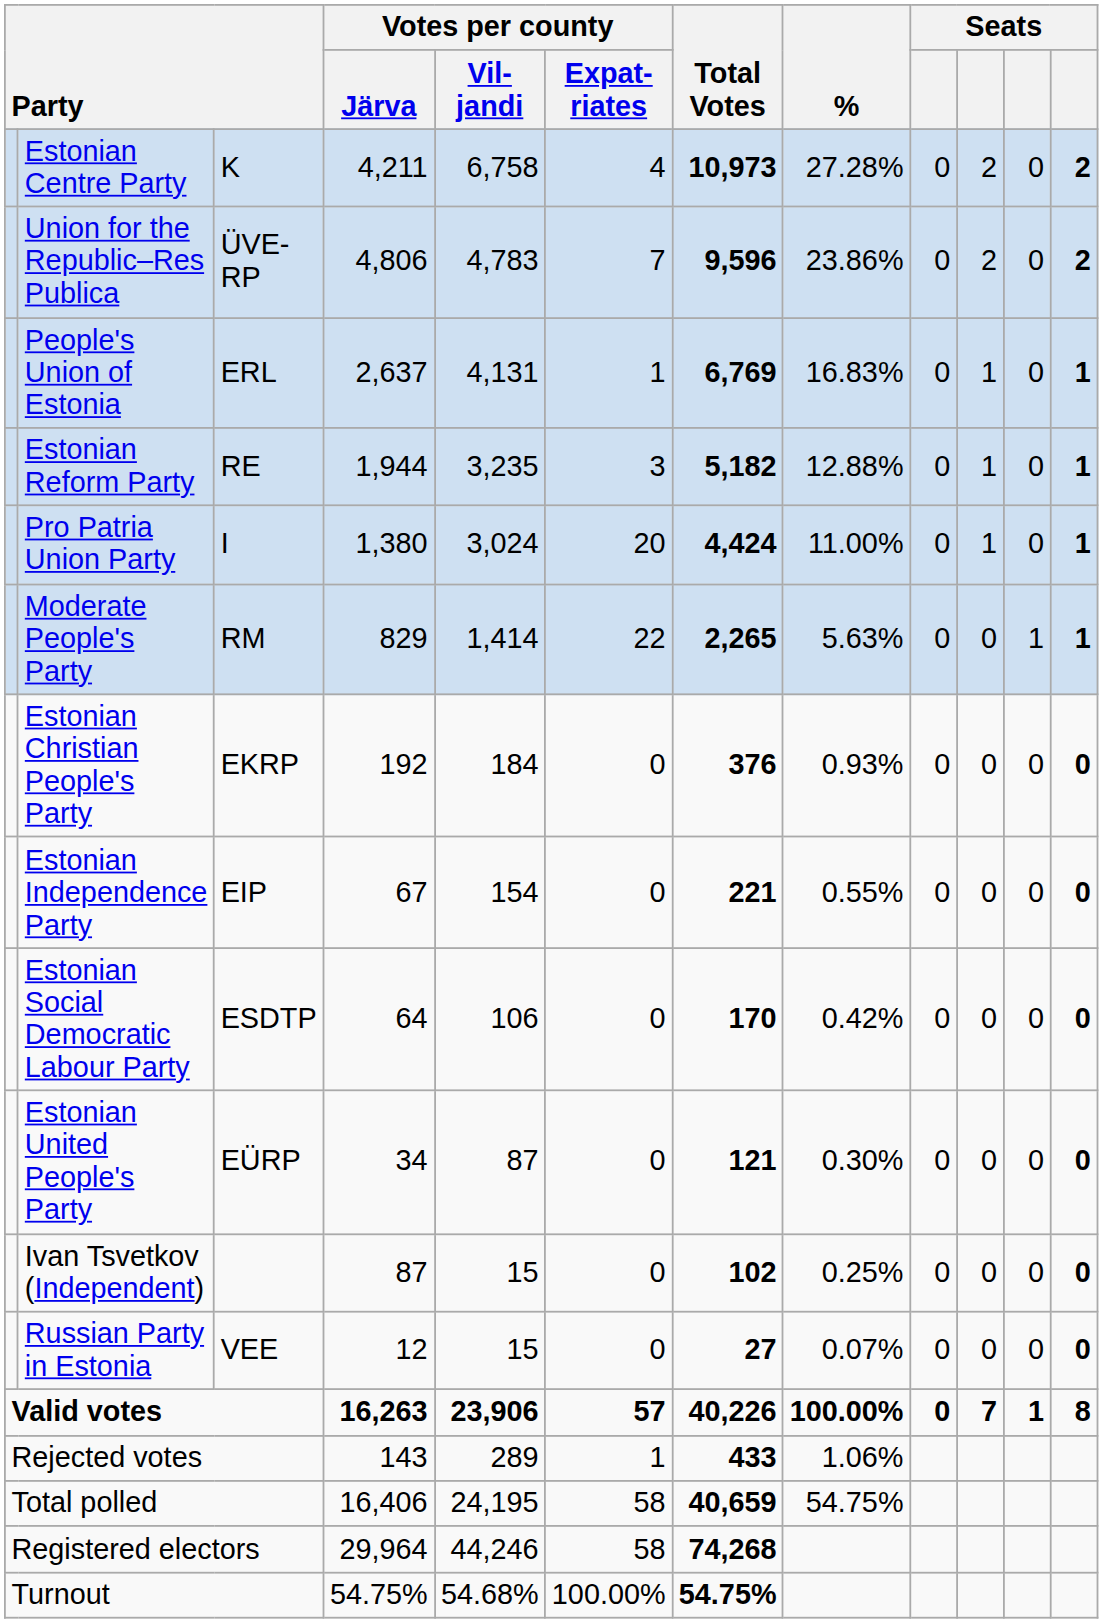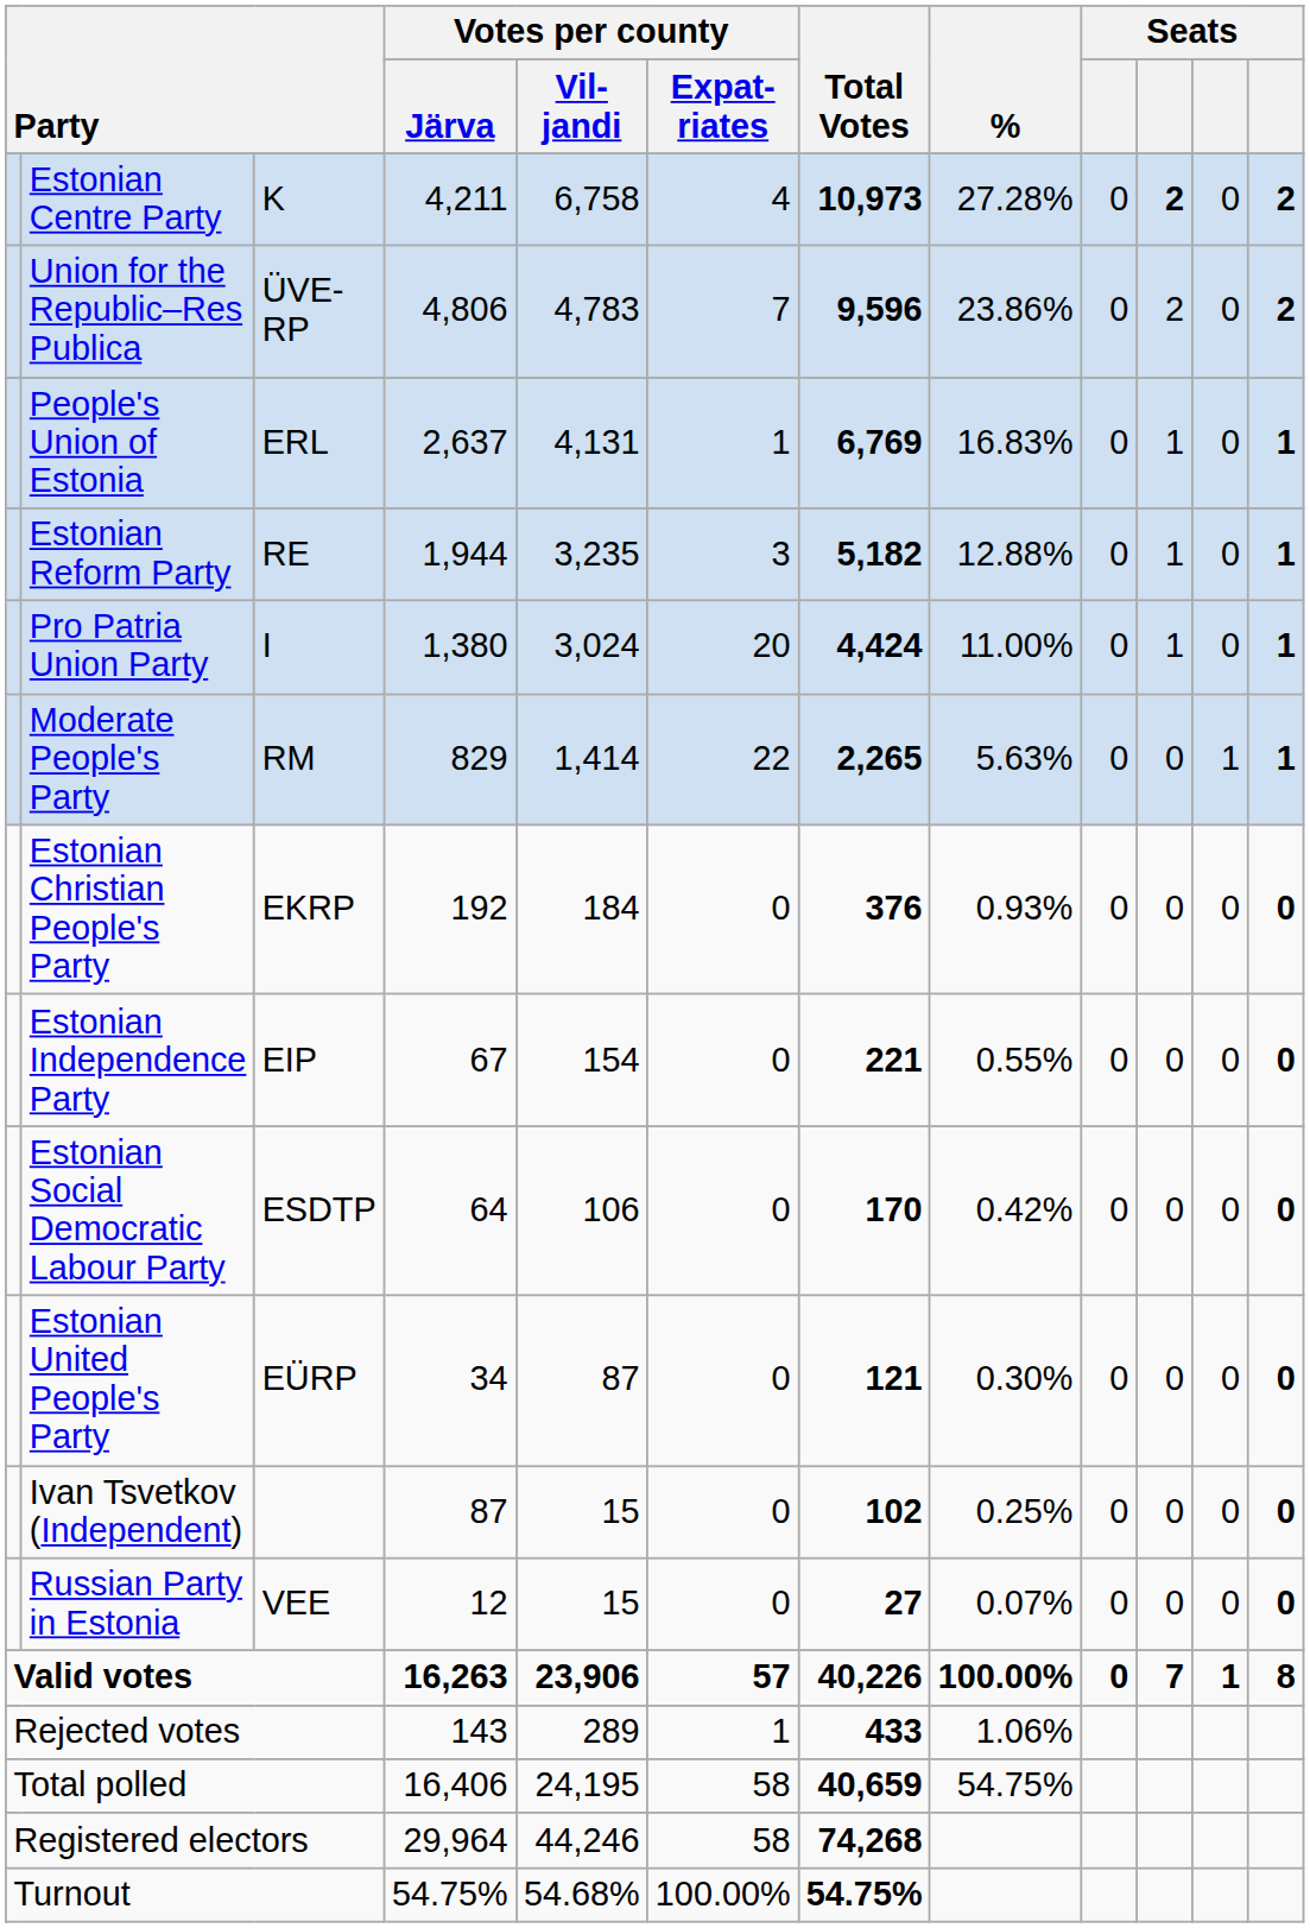 <table class="wikitable" border="1" style="text-align:right;">
 <tr>
 <th style="text-align:left;" valign=bottom rowspan=2 colspan=3>Party</th>
 <th colspan=3>Votes per county</th>
 <th align=center valign=bottom rowspan=2 width="50">Total Votes</th>
 <th align=center valign=bottom rowspan=2 width="50">%</th>
 <th colspan=4>Seats</th>
 </tr>
 <tr>
 <th align=center valign=bottom width="50"><a href='#'>Järva</a></th>
 <th align=center valign=bottom width="50"><a href='#'>Vil- jandi</a></th>
 <th align=center valign=bottom width="50"><a href='#'>Expat- riates</a></th>
 <th align=center valign=bottom width="20"><small></small></th>
 <th align=center valign=bottom width="20"><small></small></th>
 <th align=center valign=bottom width="20"><small></small></th>
 <th align=center valign=bottom width="20"><small></small></th>
 </tr>
 <tr style="background:#CEE0F2;">
 <td style="background:"></td>
 <td align=left><a href='#'>Estonian Centre Party</a></td>
 <td align=left>K</td>
 <td>4,211</td>
 <td>6,758</td>
 <td>4</td>
 <td><strong>10,973</strong></td>
 <td>27.28%</td>
 <td>0</td>
-<td>2</td>
+<td><strong>2</strong></td>
 <td>0</td>
 <td><strong>2</strong></td>
 </tr>
 <tr style="background:#CEE0F2;">
 <td style="background:"></td>
 <td align=left><a href='#'>Union for the Republic–Res Publica</a></td>
 <td align=left>ÜVE-RP</td>
 <td>4,806</td>
 <td>4,783</td>
 <td>7</td>
 <td><strong>9,596</strong></td>
 <td>23.86%</td>
 <td>0</td>
 <td>2</td>
 <td>0</td>
 <td><strong>2</strong></td>
 </tr>
 <tr style="background:#CEE0F2;">
 <td style="background:"></td>
 <td align=left><a href='#'>People's Union of Estonia</a></td>
 <td align=left>ERL</td>
 <td>2,637</td>
 <td>4,131</td>
 <td>1</td>
 <td><strong>6,769</strong></td>
 <td>16.83%</td>
 <td>0</td>
 <td>1</td>
 <td>0</td>
 <td><strong>1</strong></td>
 </tr>
 <tr style="background:#CEE0F2;">
 <td style="background:"></td>
 <td align=left><a href='#'>Estonian Reform Party</a></td>
 <td align=left>RE</td>
 <td>1,944</td>
 <td>3,235</td>
 <td>3</td>
 <td><strong>5,182</strong></td>
 <td>12.88%</td>
 <td>0</td>
 <td>1</td>
 <td>0</td>
 <td><strong>1</strong></td>
 </tr>
 <tr style="background:#CEE0F2;">
 <td style="background:"></td>
 <td align=left><a href='#'>Pro Patria Union Party</a></td>
 <td align=left>I</td>
 <td>1,380</td>
 <td>3,024</td>
 <td>20</td>
 <td><strong>4,424</strong></td>
 <td>11.00%</td>
 <td>0</td>
 <td>1</td>
 <td>0</td>
 <td><strong>1</strong></td>
 </tr>
 <tr style="background:#CEE0F2;">
 <td style="background:"></td>
 <td align=left><a href='#'>Moderate People's Party</a></td>
 <td align=left>RM</td>
 <td>829</td>
 <td>1,414</td>
 <td>22</td>
 <td><strong>2,265</strong></td>
 <td>5.63%</td>
 <td>0</td>
 <td>0</td>
 <td>1</td>
 <td><strong>1</strong></td>
 </tr>
 <tr>
 <td style="background:"></td>
 <td align=left><a href='#'>Estonian Christian People's Party</a></td>
 <td align=left>EKRP</td>
 <td>192</td>
 <td>184</td>
 <td>0</td>
 <td><strong>376</strong></td>
 <td>0.93%</td>
 <td>0</td>
 <td>0</td>
 <td>0</td>
 <td><strong>0</strong></td>
 </tr>
 <tr>
 <td style="background:"></td>
 <td align=left><a href='#'>Estonian Independence Party</a></td>
 <td align=left>EIP</td>
 <td>67</td>
 <td>154</td>
 <td>0</td>
 <td><strong>221</strong></td>
 <td>0.55%</td>
 <td>0</td>
 <td>0</td>
 <td>0</td>
 <td><strong>0</strong></td>
 </tr>
 <tr>
 <td style="background:"></td>
 <td align=left><a href='#'>Estonian Social Democratic Labour Party</a></td>
 <td align=left>ESDTP</td>
 <td>64</td>
 <td>106</td>
 <td>0</td>
 <td><strong>170</strong></td>
 <td>0.42%</td>
 <td>0</td>
 <td>0</td>
 <td>0</td>
 <td><strong>0</strong></td>
 </tr>
 <tr>
 <td style="background:"></td>
 <td align=left><a href='#'>Estonian United People's Party</a></td>
 <td align=left>EÜRP</td>
 <td>34</td>
 <td>87</td>
 <td>0</td>
 <td><strong>121</strong></td>
 <td>0.30%</td>
 <td>0</td>
 <td>0</td>
 <td>0</td>
 <td><strong>0</strong></td>
 </tr>
 <tr>
 <td style="background:"></td>
 <td align=left>Ivan Tsvetkov (<a href='#'>Independent</a>)</td>
 <td></td>
 <td>87</td>
 <td>15</td>
 <td>0</td>
 <td><strong>102</strong></td>
 <td>0.25%</td>
 <td>0</td>
 <td>0</td>
 <td>0</td>
 <td><strong>0</strong></td>
 </tr>
 <tr>
 <td></td>
 <td align=left><a href='#'>Russian Party in Estonia</a></td>
 <td align=left>VEE</td>
 <td>12</td>
 <td>15</td>
 <td>0</td>
 <td><strong>27</strong></td>
 <td>0.07%</td>
 <td>0</td>
 <td>0</td>
 <td>0</td>
 <td><strong>0</strong></td>
 </tr>
 <tr style="font-weight:bold">
 <td align=left colspan=3>Valid votes</td>
 <td>16,263</td>
 <td>23,906</td>
 <td>57</td>
 <td>40,226</td>
 <td>100.00%</td>
 <td>0</td>
 <td>7</td>
 <td>1</td>
 <td>8</td>
 </tr>
 <tr>
 <td align=left colspan=3>Rejected votes</td>
 <td>143</td>
 <td>289</td>
 <td>1</td>
 <td><strong>433</strong></td>
 <td>1.06%</td>
 <td></td>
 <td></td>
 <td></td>
 <td></td>
 </tr>
 <tr>
 <td align=left colspan=3>Total polled</td>
 <td>16,406</td>
 <td>24,195</td>
 <td>58</td>
 <td><strong>40,659</strong></td>
 <td>54.75%</td>
 <td></td>
 <td></td>
 <td></td>
 <td></td>
 </tr>
 <tr>
 <td align=left colspan=3>Registered electors</td>
 <td>29,964</td>
 <td>44,246</td>
 <td>58</td>
 <td><strong>74,268</strong></td>
 <td></td>
 <td></td>
 <td></td>
 <td></td>
 <td></td>
 </tr>
 <tr>
 <td align=left colspan=3>Turnout</td>
 <td>54.75%</td>
 <td>54.68%</td>
 <td>100.00%</td>
 <td><strong>54.75%</strong></td>
 <td></td>
 <td></td>
 <td></td>
 <td></td>
 <td></td>
 </tr>
 </table>
